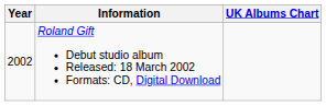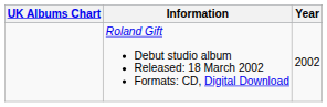 <table class="wikitable">
 <tr style="background:#b0c4de; text-align:center;">
+<th><a href='#'>UK Albums Chart</a></th>
+<th>Information</th>
 <th>Year</th>
-<th>Information</th>
-<th><a href='#'>UK Albums Chart</a></th>
 </tr>
 <tr>
+<td></td>
+<td><em><a href='#'>Roland Gift</a></em><br><ul><li>Debut studio album</li><li>Released: 18 March 2002</li><li>Formats: CD, <a href='#'>Digital Download</a></li></ul></td>
 <td>2002</td>
-<td><em><a href='#'>Roland Gift</a></em><br><ul><li>Debut studio album</li><li>Released: 18 March 2002</li><li>Formats: CD, <a href='#'>Digital Download</a></li></ul></td>
-<td></td>
 </tr>
 </table>
